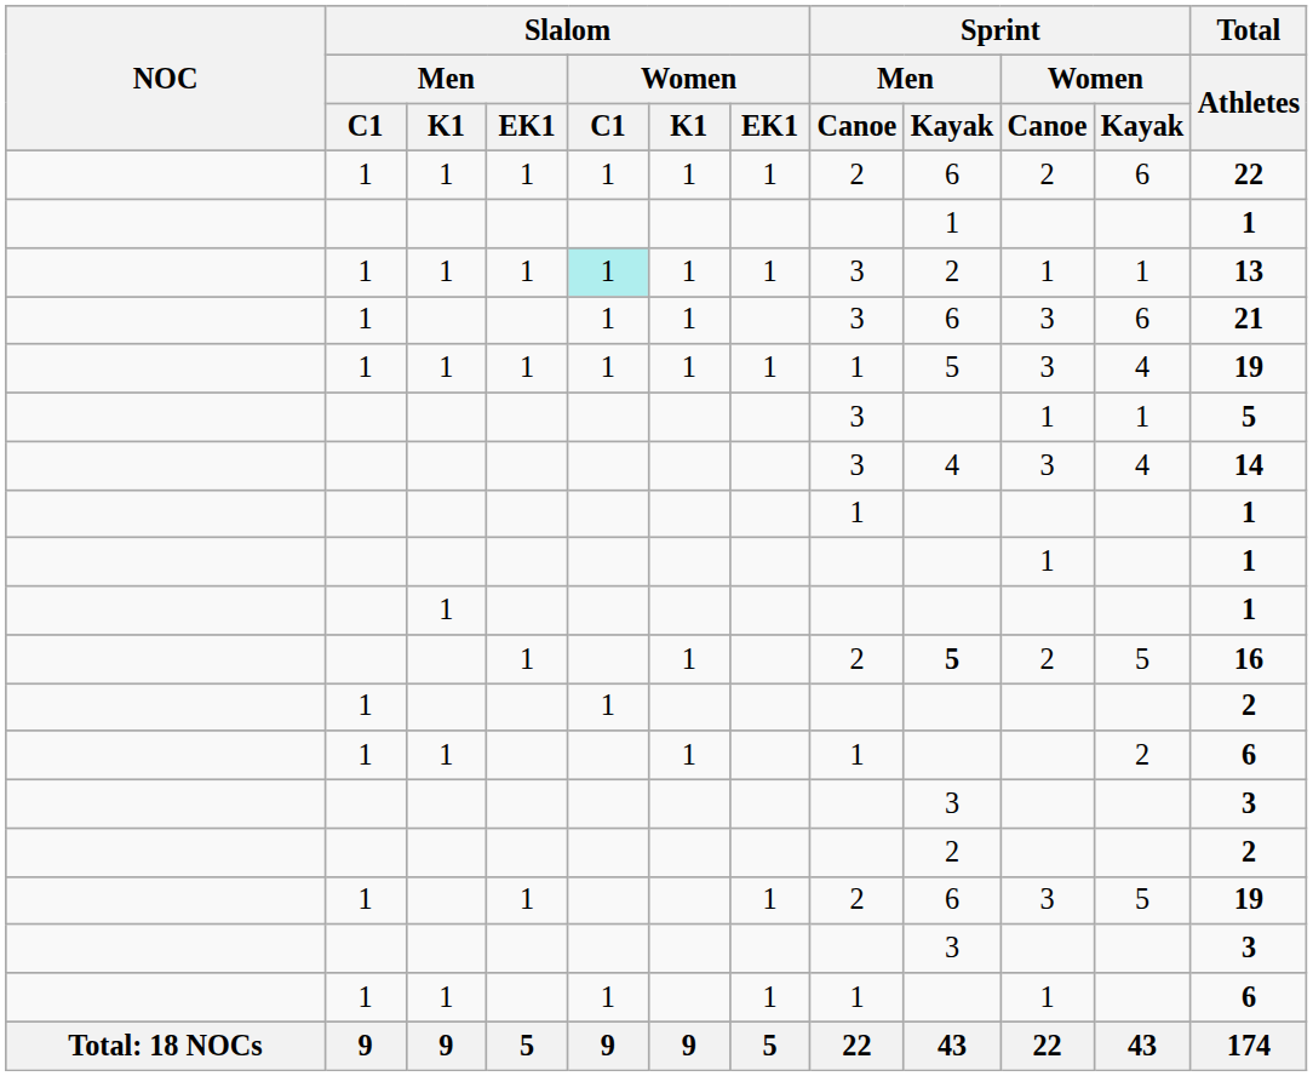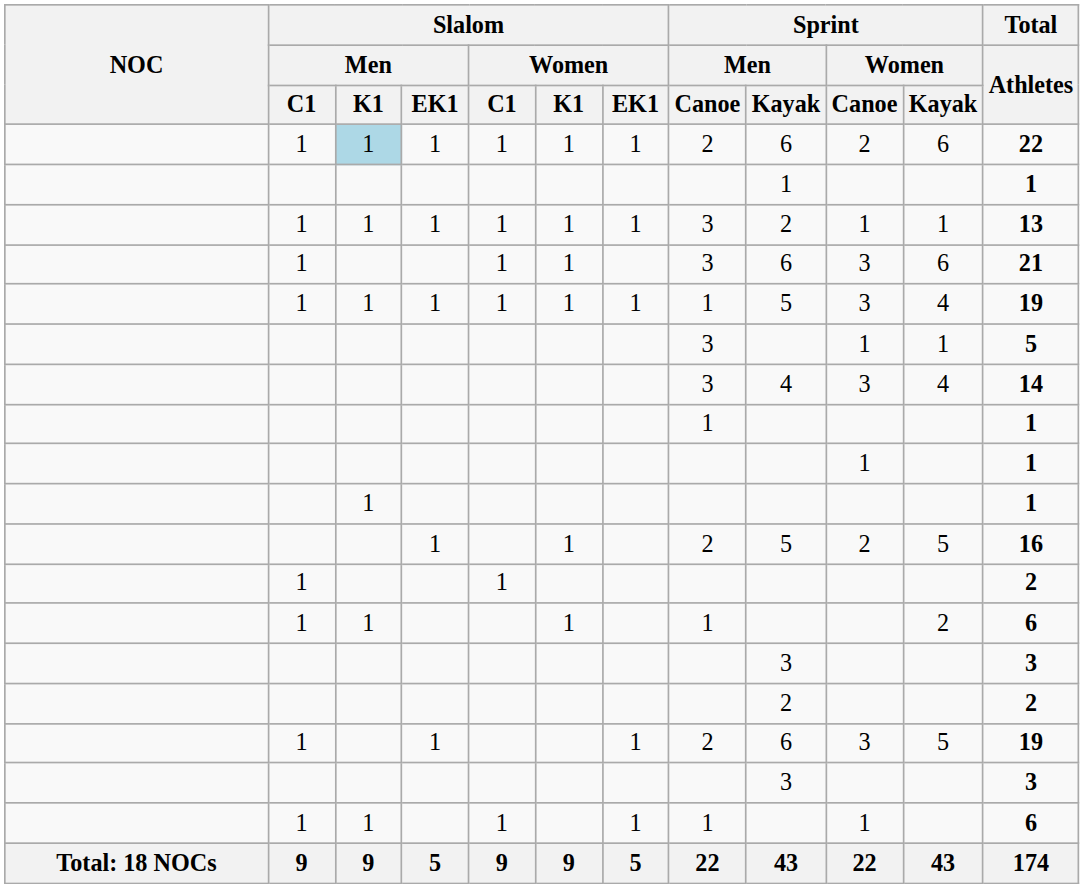 <table class="wikitable" style="text-align:center; font-size:90%">
 <tr>
 <th rowspan="3" align="left" width=150>NOC</th>
 <th colspan="6">Slalom</th>
 <th colspan="4">Sprint</th>
 <th colspan="2">Total</th>
 </tr>
 <tr>
 <th width=33 colspan=3>Men</th>
 <th colspan=3>Women</th>
 <th colspan=2>Men</th>
 <th colspan=2>Women</th>
 <th width=50 rowspan="2">Athletes</th>
 </tr>
 <tr>
 <th width=33>C1</th>
 <th width=33>K1</th>
 <th width=33>EK1</th>
 <th width=33>C1</th>
 <th width=33>K1</th>
 <th width=33>EK1</th>
 <th width=33>Canoe</th>
 <th width=33>Kayak</th>
 <th width=33>Canoe</th>
 <th width=33>Kayak</th>
 </tr>
 <tr>
 <td align=left></td>
 <td>1</td>
-<td>1</td>
+<td style="background: lightblue;">1</td>
 <td>1</td>
 <td>1</td>
 <td>1</td>
 <td>1</td>
 <td>2</td>
 <td>6</td>
 <td>2</td>
 <td>6</td>
 <td><strong>22</strong></td>
 </tr>
 <tr>
 <td align=left></td>
 <td></td>
 <td></td>
 <td></td>
 <td></td>
 <td></td>
 <td></td>
 <td></td>
 <td>1</td>
 <td></td>
 <td></td>
 <td><strong>1</strong></td>
 </tr>
 <tr>
 <td align=left></td>
 <td>1</td>
 <td>1</td>
 <td>1</td>
-<td style="background: paleturquoise;">1</td>
+<td>1</td>
 <td>1</td>
 <td>1</td>
 <td>3</td>
 <td>2</td>
 <td>1</td>
 <td>1</td>
 <td><strong>13</strong></td>
 </tr>
 <tr>
 <td align=left></td>
 <td>1</td>
 <td></td>
 <td></td>
 <td>1</td>
 <td>1</td>
 <td></td>
 <td>3</td>
 <td>6</td>
 <td>3</td>
 <td>6</td>
 <td><strong>21</strong></td>
 </tr>
 <tr>
 <td align=left></td>
 <td>1</td>
 <td>1</td>
 <td>1</td>
 <td>1</td>
 <td>1</td>
 <td>1</td>
 <td>1</td>
 <td>5</td>
 <td>3</td>
 <td>4</td>
 <td><strong>19</strong></td>
 </tr>
 <tr>
 <td align=left></td>
 <td></td>
 <td></td>
 <td></td>
 <td></td>
 <td></td>
 <td></td>
 <td>3</td>
 <td></td>
 <td>1</td>
 <td>1</td>
 <td><strong>5</strong></td>
 </tr>
 <tr>
 <td align=left></td>
 <td></td>
 <td></td>
 <td></td>
 <td></td>
 <td></td>
 <td></td>
 <td>3</td>
 <td>4</td>
 <td>3</td>
 <td>4</td>
 <td><strong>14</strong></td>
 </tr>
 <tr>
 <td align=left></td>
 <td></td>
 <td></td>
 <td></td>
 <td></td>
 <td></td>
 <td></td>
 <td>1</td>
 <td></td>
 <td></td>
 <td></td>
 <td><strong>1</strong></td>
 </tr>
 <tr>
 <td align=left></td>
 <td></td>
 <td></td>
 <td></td>
 <td></td>
 <td></td>
 <td></td>
 <td></td>
 <td></td>
 <td>1</td>
 <td></td>
 <td><strong>1</strong></td>
 </tr>
 <tr>
 <td align=left></td>
 <td></td>
 <td>1</td>
 <td></td>
 <td></td>
 <td></td>
 <td></td>
 <td></td>
 <td></td>
 <td></td>
 <td></td>
 <td><strong>1</strong></td>
 </tr>
 <tr>
 <td align=left></td>
 <td></td>
 <td></td>
 <td>1</td>
 <td></td>
 <td>1</td>
 <td></td>
 <td>2</td>
-<td><strong>5</strong></td>
+<td>5</td>
 <td>2</td>
 <td>5</td>
 <td><strong>16</strong></td>
 </tr>
 <tr>
 <td align=left></td>
 <td>1</td>
 <td></td>
 <td></td>
 <td>1</td>
 <td></td>
 <td></td>
 <td></td>
 <td></td>
 <td></td>
 <td></td>
 <td><strong>2</strong></td>
 </tr>
 <tr>
 <td align=left></td>
 <td>1</td>
 <td>1</td>
 <td></td>
 <td></td>
 <td>1</td>
 <td></td>
 <td>1</td>
 <td></td>
 <td></td>
 <td>2</td>
 <td><strong>6</strong></td>
 </tr>
 <tr>
 <td align=left></td>
 <td></td>
 <td></td>
 <td></td>
 <td></td>
 <td></td>
 <td></td>
 <td></td>
 <td>3</td>
 <td></td>
 <td></td>
 <td><strong>3</strong></td>
 </tr>
 <tr>
 <td align=left></td>
 <td></td>
 <td></td>
 <td></td>
 <td></td>
 <td></td>
 <td></td>
 <td></td>
 <td>2</td>
 <td></td>
 <td></td>
 <td><strong>2</strong></td>
 </tr>
 <tr>
 <td align=left></td>
 <td>1</td>
 <td></td>
 <td>1</td>
 <td></td>
 <td></td>
 <td>1</td>
 <td>2</td>
 <td>6</td>
 <td>3</td>
 <td>5</td>
 <td><strong>19</strong></td>
 </tr>
 <tr>
 <td align=left></td>
 <td></td>
 <td></td>
 <td></td>
 <td></td>
 <td></td>
 <td></td>
 <td></td>
 <td>3</td>
 <td></td>
 <td></td>
 <td><strong>3</strong></td>
 </tr>
 <tr>
 <td align=left></td>
 <td>1</td>
 <td>1</td>
 <td></td>
 <td>1</td>
 <td></td>
 <td>1</td>
 <td>1</td>
 <td></td>
 <td>1</td>
 <td></td>
 <td><strong>6</strong></td>
 </tr>
 <tr>
 <th>Total: 18 NOCs</th>
 <th>9</th>
 <th>9</th>
 <th>5</th>
 <th>9</th>
 <th>9</th>
 <th>5</th>
 <th>22</th>
 <th>43</th>
 <th>22</th>
 <th>43</th>
 <th>174</th>
 </tr>
 </table>
